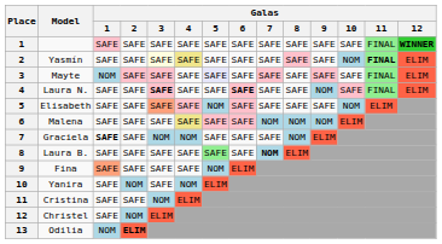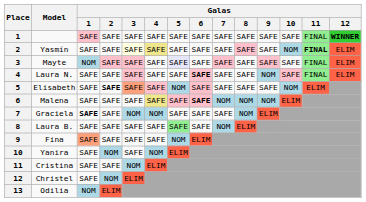 <table class="wikitable" style="text-align:center; font-size:92%">
 <tr>
 <th rowspan="2">Place</th>
 <th rowspan="2">Model</th>
 <th colspan="16">Galas</th>
 </tr>
 <tr>
 <th>1</th>
 <th>2</th>
 <th>3</th>
 <th>4</th>
 <th>5</th>
 <th>6</th>
 <th>7</th>
 <th>8</th>
 <th>9</th>
 <th>10</th>
 <th>11</th>
 <th>12</th>
 </tr>
 <tr>
 <th>1</th>
 <td></td>
 <td style="background:pink;">SAFE</td>
 <td>SAFE</td>
 <td>SAFE</td>
 <td>SAFE</td>
 <td>SAFE</td>
 <td>SAFE</td>
 <td>SAFE</td>
 <td>SAFE</td>
 <td>SAFE</td>
 <td>SAFE</td>
 <td style="background:lightgreen;">FINAL</td>
 <td style="background:limegreen;"><strong>WINNER</strong></td>
 </tr>
 <tr>
 <th>2</th>
 <td>Yasmín</td>
 <td>SAFE</td>
 <td>SAFE</td>
 <td style="background: lightyellow;">SAFE</td>
 <td style="background: khaki;">SAFE</td>
 <td>SAFE</td>
 <td>SAFE</td>
 <td>SAFE</td>
 <td style="background:pink;">SAFE</td>
 <td>SAFE</td>
 <td style="background:lightblue;">NOM</td>
 <td style="background:lightgreen;"><strong>FINAL</strong></td>
 <td style="background:tomato;">ELIM</td>
 </tr>
 <tr>
 <th>3</th>
 <td>Mayte</td>
 <td style="background:lightblue;">NOM</td>
 <td style="background:pink;">SAFE</td>
 <td style="background: pink;">SAFE</td>
 <td>SAFE</td>
 <td style="background: lavender;">SAFE</td>
 <td>SAFE</td>
 <td style="background:pink;">SAFE</td>
 <td>SAFE</td>
 <td style="background:pink;">SAFE</td>
 <td>SAFE</td>
 <td style="background:lightgreen;">FINAL</td>
 <td style="background:tomato;">ELIM</td>
 </tr>
 <tr>
 <th>4</th>
 <td>Laura N.</td>
 <td>SAFE</td>
 <td>SAFE</td>
-<td style="background:pink;"><strong>SAFE</strong></td>
+<td style="background:pink;">SAFE</td>
 <td>SAFE</td>
 <td>SAFE</td>
 <td style="background:pink;"><strong>SAFE</strong></td>
 <td>SAFE</td>
 <td>SAFE</td>
 <td style="background:lightblue;">NOM</td>
 <td style="background:pink;">SAFE</td>
 <td style="background:lightgreen;">FINAL</td>
 <td style="background:tomato;">ELIM</td>
 </tr>
 <tr>
 <th>5</th>
 <td>Elisabeth</td>
 <td>SAFE</td>
-<td>SAFE</td>
+<td><strong>SAFE</strong></td>
 <td style="background: lightsalmon;">SAFE</td>
 <td style="background:pink;">SAFE</td>
 <td style="background:lightblue;">NOM</td>
 <td style="background:pink;">SAFE</td>
 <td>SAFE</td>
 <td>SAFE</td>
 <td>SAFE</td>
 <td style="background:lightblue;">NOM</td>
 <td style="background:tomato">ELIM</td>
 <td bgcolor="darkgray"   colspan="1"></td>
 </tr>
 <tr>
 <th>6</th>
 <td>Malena</td>
 <td>SAFE</td>
 <td>SAFE</td>
 <td>SAFE</td>
 <td style="background: khaki;">SAFE</td>
 <td style="background:pink;">SAFE</td>
-<td style="background:pink;">SAFE</td>
+<td style="background:pink;"><strong>SAFE</strong></td>
 <td style="background:lightblue;">NOM</td>
 <td style="background:lightblue;">NOM</td>
 <td style="background:lightblue;">NOM</td>
 <td style="background:tomato">ELIM</td>
 <td bgcolor="darkgray"   colspan="2"></td>
 </tr>
 <tr>
 <th>7</th>
 <td>Graciela</td>
 <td><strong>SAFE</strong></td>
 <td>SAFE</td>
 <td style="background:lightblue;">NOM</td>
 <td style="background:lightblue;">NOM</td>
 <td>SAFE</td>
 <td>SAFE</td>
 <td>SAFE</td>
 <td style="background:lightblue;">NOM</td>
 <td style="background:tomato;">ELIM</td>
 <td bgcolor="darkgray"   colspan="3"></td>
 </tr>
 <tr>
 <th>8</th>
 <td>Laura B.</td>
 <td>SAFE</td>
 <td>SAFE</td>
 <td>SAFE</td>
 <td>SAFE</td>
 <td style="background: lightgreen;">SAFE</td>
 <td>SAFE</td>
-<td style="background:lightblue;"><strong>NOM</strong></td>
+<td style="background:lightblue;">NOM</td>
 <td style="background:tomato;">ELIM</td>
 <td bgcolor="darkgray"   colspan="4"></td>
 </tr>
 <tr>
 <th>9</th>
 <td>Fina</td>
 <td style="background: lightsalmon;">SAFE</td>
 <td>SAFE</td>
 <td>SAFE</td>
 <td>SAFE</td>
 <td style="background:lightblue;">NOM</td>
 <td style="background:tomato;">ELIM</td>
 <td bgcolor="darkgray"   colspan="6"></td>
 </tr>
 <tr>
 <th>10</th>
 <td>Yanira</td>
 <td>SAFE</td>
 <td style="background:lightblue;">NOM</td>
 <td>SAFE</td>
 <td style="background:lightblue;">NOM</td>
 <td style="background:tomato;">ELIM</td>
 <td bgcolor="darkgray"   colspan="7"></td>
 </tr>
 <tr>
 <th>11</th>
 <td>Cristina</td>
 <td>SAFE</td>
 <td>SAFE</td>
 <td style="background:lightblue;">NOM</td>
 <td style="background:tomato;">ELIM</td>
 <td bgcolor="darkgray"   colspan="8"></td>
 </tr>
 <tr>
 <th>12</th>
 <td>Christel</td>
 <td>SAFE</td>
 <td style="background:lightblue;">NOM</td>
 <td style="background:tomato;">ELIM</td>
 <td bgcolor="darkgray"   colspan="9"></td>
 </tr>
 <tr>
 <th>13</th>
 <td>Odilia</td>
 <td style="background:lightblue;">NOM</td>
-<td style="background:tomato;"><strong>ELIM</strong></td>
+<td style="background:tomato;">ELIM</td>
 <td bgcolor="darkgray"   colspan="10"></td>
 </tr>
 </table>
